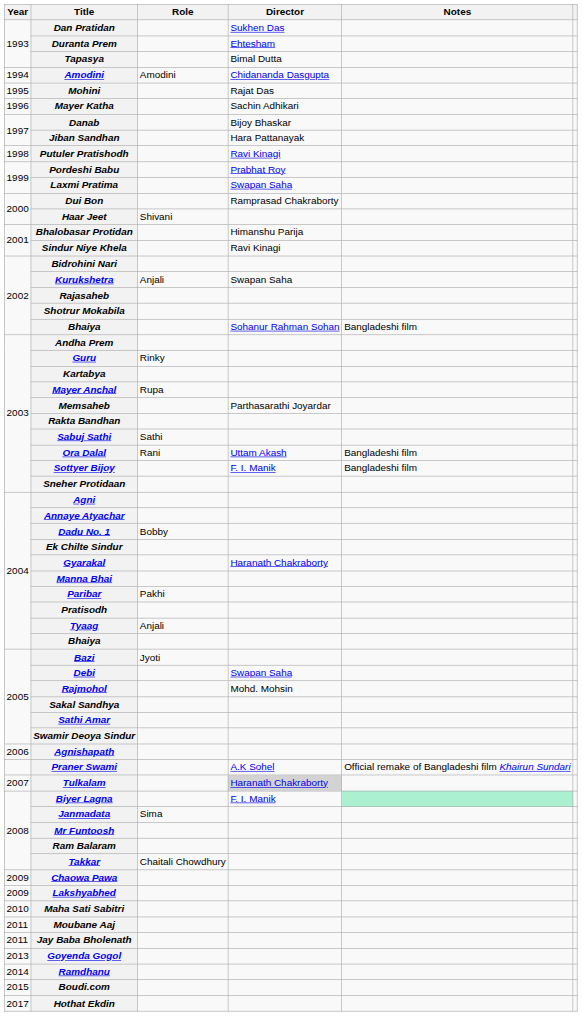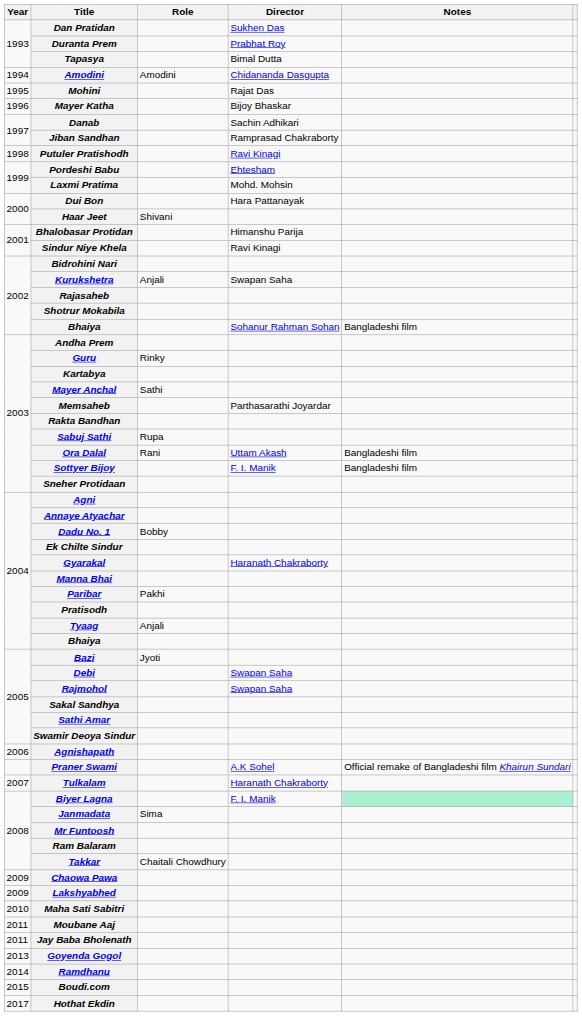 <table class="wikitable sortable">
 <tr>
 <th>Year</th>
 <th>Title</th>
 <th>Role</th>
 <th>Director</th>
 <th>Notes</th>
 <th></th>
 </tr>
 <tr>
 <td rowspan="3">1993</td>
 <th scope="row"><em>Dan Pratidan</em></th>
 <td></td>
 <td><a href='#'>Sukhen Das</a></td>
 <td></td>
 <td></td>
 </tr>
 <tr>
 <th scope="row"><em>Duranta Prem</em></th>
 <td></td>
-<td><a href='#'>Ehtesham</a></td>
+<td><a href='#'>Prabhat Roy</a></td>
 <td></td>
 <td></td>
 </tr>
 <tr>
 <th scope="row"><em>Tapasya</em></th>
 <td></td>
 <td>Bimal Dutta</td>
 <td></td>
 <td></td>
 </tr>
 <tr>
 <td>1994</td>
 <th scope="row"><em><a href='#'>Amodini</a></em></th>
 <td>Amodini</td>
 <td><a href='#'>Chidananda Dasgupta</a></td>
 <td></td>
 <td></td>
 </tr>
 <tr>
 <td>1995</td>
 <th scope="row"><em>Mohini</em></th>
 <td></td>
 <td>Rajat Das</td>
 <td></td>
 <td></td>
 </tr>
 <tr>
 <td>1996</td>
 <th scope="row"><em>Mayer Katha</em></th>
 <td></td>
-<td>Sachin Adhikari</td>
+<td>Bijoy Bhaskar</td>
 <td></td>
 <td></td>
 </tr>
 <tr>
 <td rowspan="2">1997</td>
 <th scope="row"><em>Danab</em></th>
 <td></td>
-<td>Bijoy Bhaskar</td>
+<td>Sachin Adhikari</td>
 <td></td>
 <td></td>
 </tr>
 <tr>
 <th scope="row"><em>Jiban Sandhan</em></th>
 <td></td>
-<td>Hara Pattanayak</td>
+<td>Ramprasad Chakraborty</td>
 <td></td>
 <td></td>
 </tr>
 <tr>
 <td>1998</td>
 <th scope="row"><em>Putuler Pratishodh</em></th>
 <td></td>
 <td><a href='#'>Ravi Kinagi</a></td>
 <td></td>
 <td></td>
 </tr>
 <tr>
 <td rowspan="2">1999</td>
 <th scope="row"><em>Pordeshi Babu</em></th>
 <td></td>
-<td><a href='#'>Prabhat Roy</a></td>
+<td><a href='#'>Ehtesham</a></td>
 <td></td>
 <td></td>
 </tr>
 <tr>
 <th scope="row"><em>Laxmi Pratima</em></th>
 <td></td>
-<td><a href='#'>Swapan Saha</a></td>
+<td>Mohd. Mohsin</td>
 <td></td>
 <td></td>
 </tr>
 <tr>
 <td rowspan="2">2000</td>
 <th scope="row"><em>Dui Bon</em></th>
 <td></td>
-<td>Ramprasad Chakraborty</td>
+<td>Hara Pattanayak</td>
 <td></td>
 <td></td>
 </tr>
 <tr>
 <th scope="row"><em>Haar Jeet</em></th>
 <td>Shivani</td>
 <td></td>
 <td></td>
 <td></td>
 </tr>
 <tr>
 <td rowspan="2">2001</td>
 <th scope="row"><em>Bhalobasar Protidan</em></th>
 <td></td>
 <td>Himanshu Parija</td>
 <td></td>
 <td></td>
 </tr>
 <tr>
 <th scope="row"><em>Sindur Niye Khela</em></th>
 <td></td>
 <td>Ravi Kinagi</td>
 <td></td>
 <td></td>
 </tr>
 <tr>
 <td rowspan="5">2002</td>
 <th scope="row"><em>Bidrohini Nari</em></th>
 <td></td>
 <td></td>
 <td></td>
 <td></td>
 </tr>
 <tr>
 <th scope="row"><em><a href='#'>Kurukshetra</a></em></th>
 <td>Anjali</td>
 <td>Swapan Saha</td>
 <td></td>
 <td></td>
 </tr>
 <tr>
 <th scope="row"><em>Rajasaheb</em></th>
 <td></td>
 <td></td>
 <td></td>
 <td></td>
 </tr>
 <tr>
 <th scope="row"><em>Shotrur Mokabila</em></th>
 <td></td>
 <td></td>
 <td></td>
 <td></td>
 </tr>
 <tr>
 <th scope="row"><em>Bhaiya</em></th>
 <td></td>
 <td><a href='#'>Sohanur Rahman Sohan</a></td>
 <td>Bangladeshi film</td>
 <td></td>
 </tr>
 <tr>
 <td rowspan="10">2003</td>
 <th scope="row"><em>Andha Prem</em></th>
 <td></td>
 <td></td>
 <td></td>
 <td></td>
 </tr>
 <tr>
 <th scope="row"><em><a href='#'>Guru</a></em></th>
 <td>Rinky</td>
 <td></td>
 <td></td>
 <td></td>
 </tr>
 <tr>
 <th scope="row"><em>Kartabya</em></th>
 <td></td>
 <td></td>
 <td></td>
 <td></td>
 </tr>
 <tr>
 <th scope="row"><em><a href='#'>Mayer Anchal</a></em></th>
-<td>Rupa</td>
+<td>Sathi</td>
 <td></td>
 <td></td>
 <td></td>
 </tr>
 <tr>
 <th scope="row"><em>Memsaheb</em></th>
 <td></td>
 <td>Parthasarathi Joyardar</td>
 <td></td>
 <td></td>
 </tr>
 <tr>
 <th scope="row"><em>Rakta Bandhan</em></th>
 <td></td>
 <td></td>
 <td></td>
 <td></td>
 </tr>
 <tr>
 <th scope="row"><em><a href='#'>Sabuj Sathi</a></em></th>
-<td>Sathi</td>
+<td>Rupa</td>
 <td></td>
 <td></td>
 <td></td>
 </tr>
 <tr>
 <th scope="row"><em><a href='#'>Ora Dalal</a></em></th>
 <td>Rani</td>
 <td><a href='#'>Uttam Akash</a></td>
 <td>Bangladeshi film</td>
 <td></td>
 </tr>
 <tr>
 <th scope="row"><em><a href='#'>Sottyer Bijoy</a></em></th>
 <td></td>
 <td><a href='#'>F. I. Manik</a></td>
 <td>Bangladeshi film</td>
 <td></td>
 </tr>
 <tr>
 <th scope="row"><em>Sneher Protidaan</em></th>
 <td></td>
 <td></td>
 <td></td>
 <td></td>
 </tr>
 <tr>
 <td rowspan="10">2004</td>
 <th scope="row"><em><a href='#'>Agni</a></em></th>
 <td></td>
 <td></td>
 <td></td>
 <td></td>
 </tr>
 <tr>
 <th scope="row"><em><a href='#'>Annaye Atyachar</a></em></th>
 <td></td>
 <td></td>
 <td></td>
 <td></td>
 </tr>
 <tr>
 <th scope="row"><em><a href='#'>Dadu No. 1</a></em></th>
 <td>Bobby</td>
 <td></td>
 <td></td>
 <td></td>
 </tr>
 <tr>
 <th scope="row"><em>Ek Chilte Sindur</em></th>
 <td></td>
 <td></td>
 <td></td>
 <td></td>
 </tr>
 <tr>
 <th scope="row"><em><a href='#'>Gyarakal</a></em></th>
 <td></td>
 <td><a href='#'>Haranath Chakraborty</a></td>
 <td></td>
 <td></td>
 </tr>
 <tr>
 <th scope="row"><em><a href='#'>Manna Bhai</a></em></th>
 <td></td>
 <td></td>
 <td></td>
 <td></td>
 </tr>
 <tr>
 <th scope="row"><em><a href='#'>Paribar</a></em></th>
 <td>Pakhi</td>
 <td></td>
 <td></td>
 <td></td>
 </tr>
 <tr>
 <th scope="row"><em>Pratisodh</em></th>
 <td></td>
 <td></td>
 <td></td>
 <td></td>
 </tr>
 <tr>
 <th scope="row"><em><a href='#'>Tyaag</a></em></th>
 <td>Anjali</td>
 <td></td>
 <td></td>
 <td></td>
 </tr>
 <tr>
 <th scope="row"><em>Bhaiya</em></th>
 <td></td>
 <td></td>
 <td></td>
 <td></td>
 </tr>
 <tr>
 <td rowspan="6">2005</td>
 <th><em><a href='#'>Bazi</a></em></th>
 <td>Jyoti</td>
 <td></td>
 <td></td>
 <td></td>
 </tr>
 <tr>
 <th><em><a href='#'>Debi</a></em></th>
 <td></td>
 <td><a href='#'>Swapan Saha</a></td>
 <td></td>
 <td></td>
 </tr>
 <tr>
 <th><em><a href='#'>Rajmohol</a></em></th>
 <td></td>
-<td>Mohd. Mohsin</td>
+<td><a href='#'>Swapan Saha</a></td>
 <td></td>
 <td></td>
 </tr>
 <tr>
 <th><em>Sakal Sandhya</em></th>
 <td></td>
 <td></td>
 <td></td>
 <td></td>
 </tr>
 <tr>
 <th><em><a href='#'>Sathi Amar</a></em></th>
 <td></td>
 <td></td>
 <td></td>
 <td></td>
 </tr>
 <tr>
 <th><em>Swamir Deoya Sindur</em></th>
 <td></td>
 <td></td>
 <td></td>
 <td></td>
 </tr>
 <tr>
 <td>2006</td>
 <th scope="row"><em><a href='#'>Agnishapath</a></em></th>
 <td></td>
 <td></td>
 <td></td>
 <td></td>
 </tr>
 <tr>
 <td></td>
 <th scope="row"><em><a href='#'>Praner Swami</a></em></th>
 <td></td>
 <td><a href='#'>A.K Sohel</a></td>
 <td>Official remake of Bangladeshi film <em><a href='#'>Khairun Sundari</a></em></td>
 <td></td>
 </tr>
 <tr>
 <td>2007</td>
 <th><em><a href='#'>Tulkalam</a></em></th>
 <td></td>
-<td style="background: lightgrey;"><a href='#'>Haranath Chakraborty</a></td>
+<td><a href='#'>Haranath Chakraborty</a></td>
 <td></td>
 <td></td>
 </tr>
 <tr>
 <td rowspan="5">2008</td>
 <th><em><a href='#'>Biyer Lagna</a></em></th>
 <td></td>
 <td><a href='#'>F. I. Manik</a></td>
 <td bgcolor="#AAF0D1"></td>
 <td></td>
 </tr>
 <tr>
 <th><em><a href='#'>Janmadata</a></em></th>
 <td>Sima</td>
 <td></td>
 <td></td>
 <td></td>
 </tr>
 <tr>
 <th><em><a href='#'>Mr Funtoosh</a></em></th>
 <td></td>
 <td></td>
 <td></td>
 <td></td>
 </tr>
 <tr>
 <th><em>Ram Balaram</em></th>
 <td></td>
 <td></td>
 <td></td>
 <td></td>
 </tr>
 <tr>
 <th><em><a href='#'>Takkar</a></em></th>
 <td>Chaitali Chowdhury</td>
 <td></td>
 <td></td>
 <td></td>
 </tr>
 <tr>
 <td>2009</td>
 <th><em><a href='#'>Chaowa Pawa</a></em></th>
 <td></td>
 <td></td>
 <td></td>
 <td></td>
 </tr>
 <tr>
 <td>2009</td>
 <th><em><a href='#'>Lakshyabhed</a></em></th>
 <td></td>
 <td></td>
 <td></td>
 <td></td>
 </tr>
 <tr>
 <td>2010</td>
 <th><em>Maha Sati Sabitri</em></th>
 <td></td>
 <td></td>
 <td></td>
 <td></td>
 </tr>
 <tr>
 <td>2011</td>
 <th><em>Moubane Aaj</em></th>
 <td></td>
 <td></td>
 <td></td>
 <td></td>
 </tr>
 <tr>
 <td>2011</td>
 <th><em>Jay Baba Bholenath</em></th>
 <td></td>
 <td></td>
 <td></td>
 <td></td>
 </tr>
 <tr>
 <td>2013</td>
 <th><em><a href='#'>Goyenda Gogol</a></em></th>
 <td></td>
 <td></td>
 <td></td>
 <td></td>
 </tr>
 <tr>
 <td>2014</td>
 <th><em><a href='#'>Ramdhanu</a></em></th>
 <td></td>
 <td></td>
 <td></td>
 <td></td>
 </tr>
 <tr>
 <td>2015</td>
 <th><em>Boudi.com</em></th>
 <td></td>
 <td></td>
 <td></td>
 <td></td>
 </tr>
 <tr>
 <td>2017</td>
 <th scope="row"><em>Hothat Ekdin</em></th>
 <td></td>
 <td></td>
 <td></td>
 <td></td>
 </tr>
 </table>
